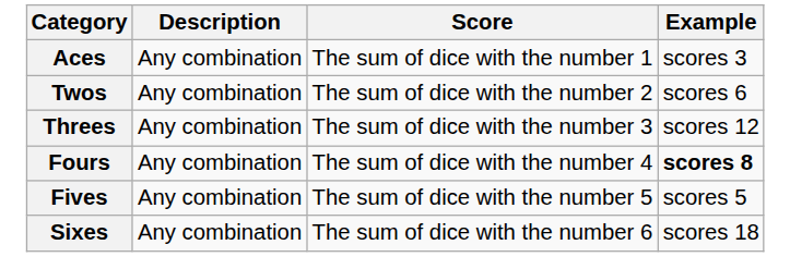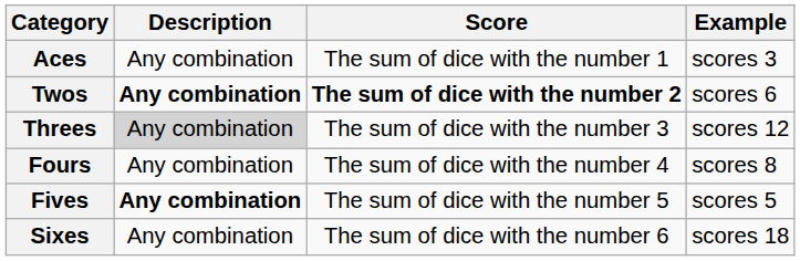 <table class="wikitable" style="text-align:center; margin-left: auto; margin-right: auto">
 <tr>
 <th scope="col">Category</th>
 <th scope="col">Description</th>
 <th scope="col">Score</th>
 <th scope="col">Example</th>
 </tr>
 <tr>
 <th scope="row">Aces</th>
 <td>Any combination</td>
 <td>The sum of dice with the number 1</td>
 <td style="text-align:left"> scores 3</td>
 </tr>
 <tr>
 <th scope="row">Twos</th>
-<td>Any combination</td>
-<td>The sum of dice with the number 2</td>
+<td><strong>Any combination</strong></td>
+<td><strong>The sum of dice with the number 2</strong></td>
 <td style="text-align:left"> scores 6</td>
 </tr>
 <tr>
 <th scope="row">Threes</th>
-<td>Any combination</td>
+<td style="background: lightgrey;">Any combination</td>
 <td>The sum of dice with the number 3</td>
 <td style="text-align:left"> scores 12</td>
 </tr>
 <tr>
 <th scope="row">Fours</th>
 <td>Any combination</td>
 <td>The sum of dice with the number 4</td>
-<td style="text-align:left"><strong> scores 8</strong></td>
+<td style="text-align:left"> scores 8</td>
 </tr>
 <tr>
 <th scope="row">Fives</th>
-<td>Any combination</td>
+<td><strong>Any combination</strong></td>
 <td>The sum of dice with the number 5</td>
 <td style="text-align:left"> scores 5</td>
 </tr>
 <tr>
 <th scope="row">Sixes</th>
 <td>Any combination</td>
 <td>The sum of dice with the number 6</td>
 <td style="text-align:left"> scores 18</td>
 </tr>
 </table>
